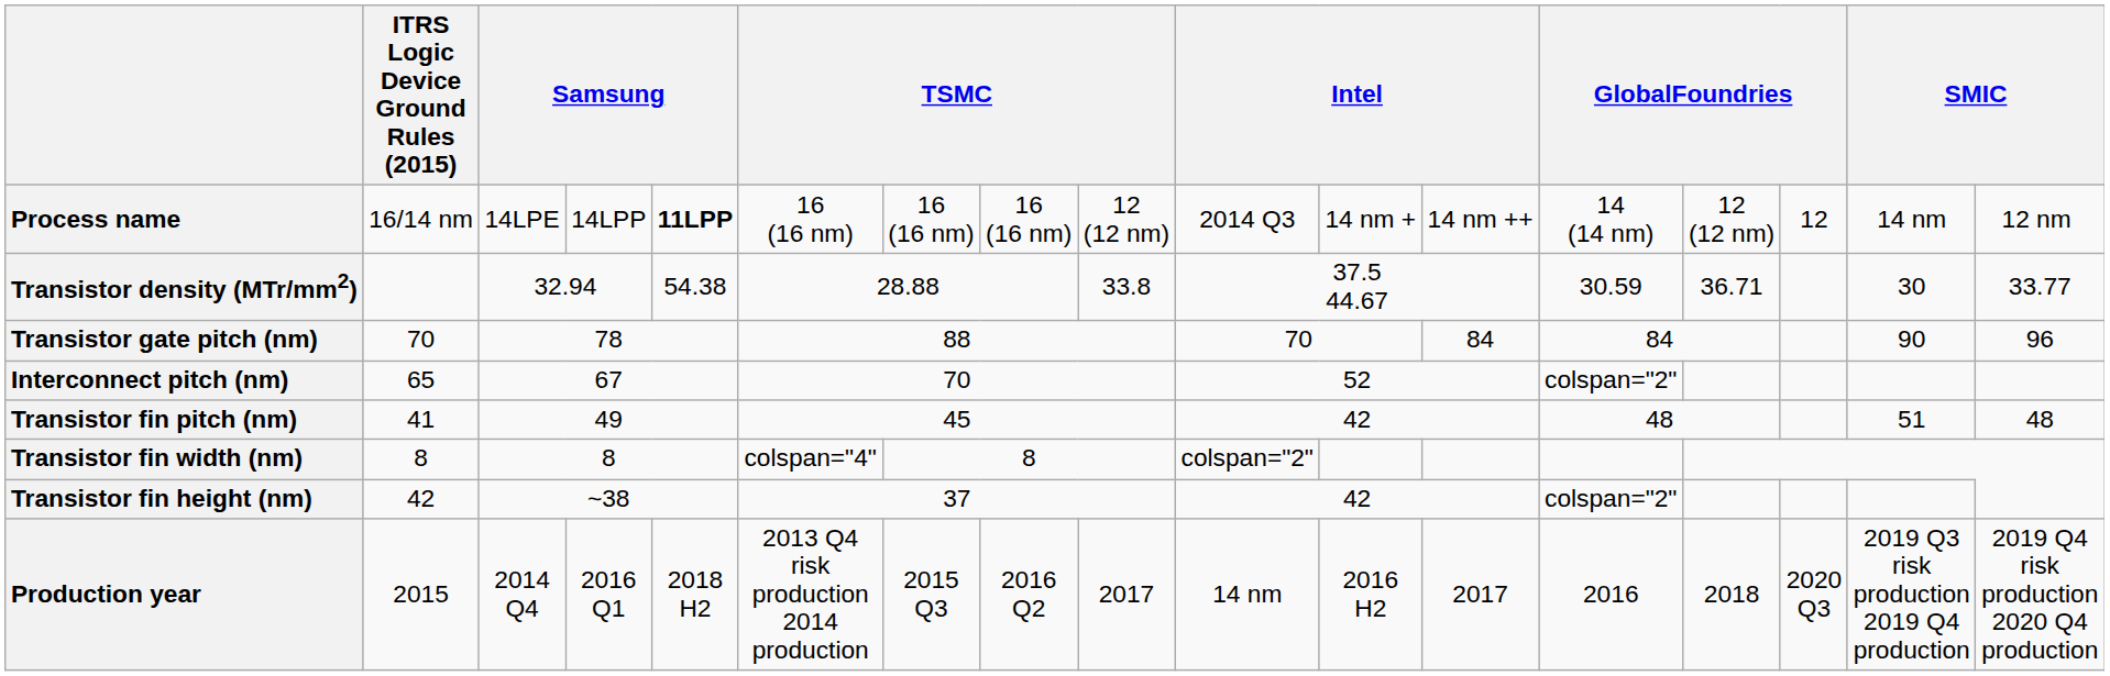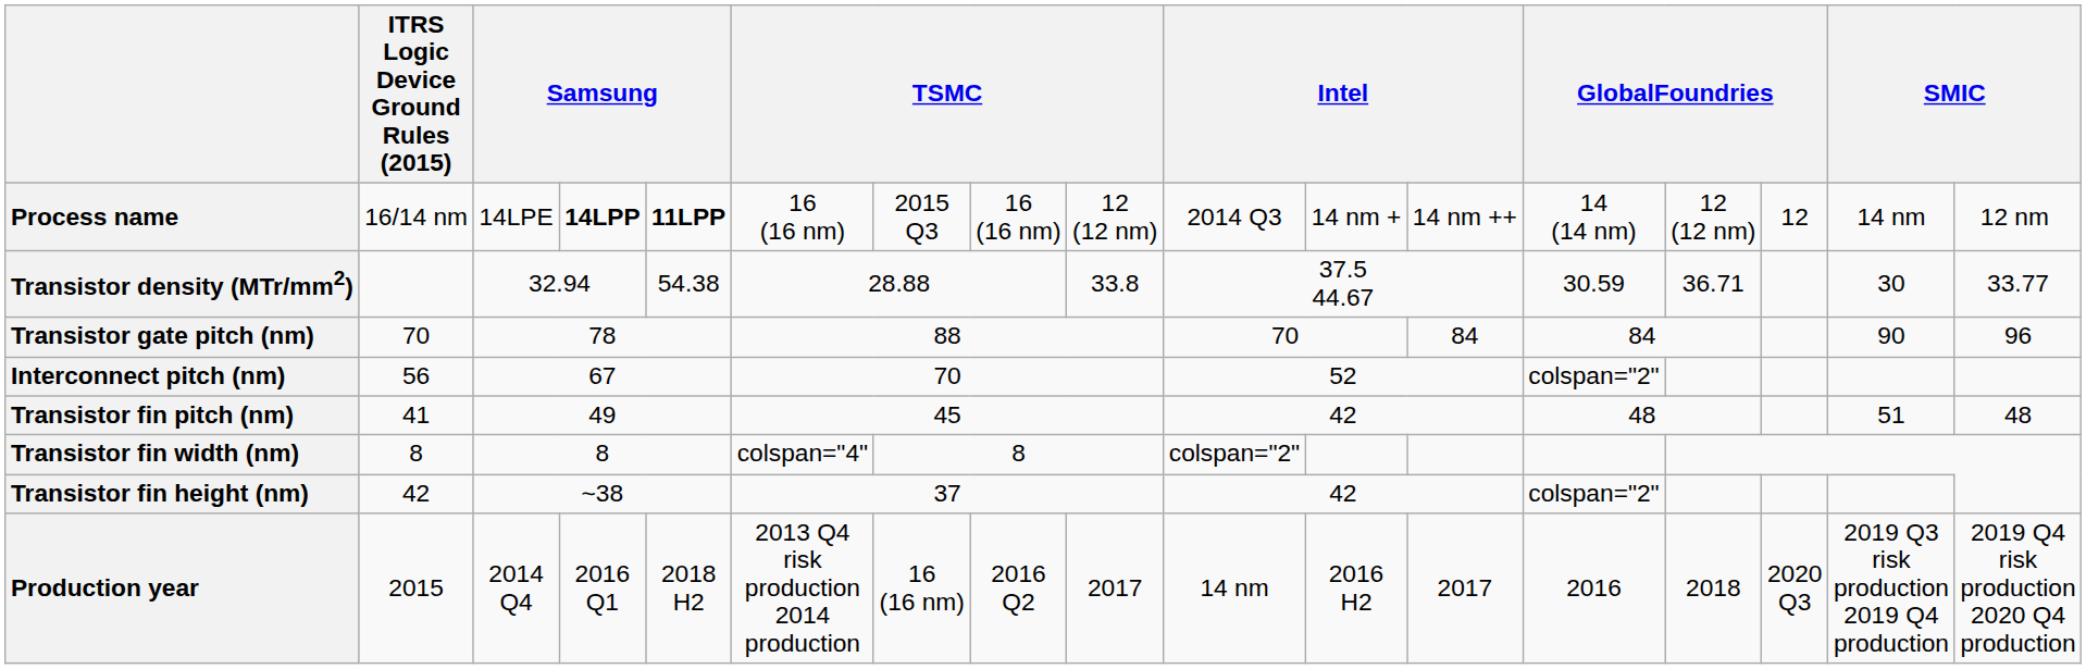 <table class="wikitable" style="text-align:center;">
 <tr>
 <th></th>
 <th>ITRS Logic Device<br>Ground Rules (2015)</th>
 <th colspan="3"><a href='#'>Samsung</a></th>
 <th colspan="4"><a href='#'>TSMC</a></th>
 <th colspan="3"><a href='#'>Intel</a></th>
 <th colspan="3"><a href='#'>GlobalFoundries</a></th>
 <th colspan="2"><a href='#'>SMIC</a></th>
 </tr>
 <tr>
 <th style="text-align:left;">Process name</th>
 <td>16/14 nm</td>
 <td>14LPE</td>
-<td>14LPP</td>
+<td><strong>14LPP</strong></td>
 <td><strong>11LPP</strong></td>
 <td>16<br>(16 nm)</td>
-<td>16<br>(16 nm)</td>
+<td>2015 Q3</td>
 <td>16<br>(16 nm)</td>
 <td>12<br>(12 nm)</td>
 <td>2014 Q3</td>
 <td>14 nm +</td>
 <td>14 nm ++</td>
 <td>14<br>(14 nm)</td>
 <td>12<br>(12 nm)</td>
 <td>12</td>
 <td>14 nm</td>
 <td>12 nm </td>
 </tr>
 <tr>
 <th style="text-align:left;">Transistor density (MTr/mm<sup>2</sup>)</th>
 <td></td>
 <td colspan="2">32.94</td>
 <td>54.38</td>
 <td colspan="3">28.88</td>
 <td>33.8</td>
 <td colspan="3">37.5<br>44.67</td>
 <td>30.59</td>
 <td>36.71</td>
 <td></td>
 <td>30</td>
 <td>33.77</td>
 </tr>
 <tr>
 <th style="text-align:left;">Transistor gate pitch (nm)</th>
 <td>70</td>
 <td colspan="3">78</td>
 <td colspan="4">88</td>
 <td colspan="2">70</td>
 <td>84</td>
 <td colspan="2">84</td>
 <td></td>
 <td>90</td>
 <td>96</td>
 </tr>
 <tr>
 <th style="text-align:left;">Interconnect pitch (nm)</th>
-<td>65</td>
+<td>56</td>
 <td colspan="3">67</td>
 <td colspan="4">70</td>
 <td colspan="3">52</td>
 <td>colspan="2" </td>
 <td></td>
 <td></td>
 <td></td>
 </tr>
 <tr>
 <th style="text-align:left;">Transistor fin pitch (nm)</th>
 <td>41</td>
 <td colspan="3">49</td>
 <td colspan="4">45</td>
 <td colspan="3">42</td>
 <td colspan="2">48</td>
 <td></td>
 <td>51</td>
 <td>48</td>
 </tr>
 <tr>
 <th style="text-align:left;">Transistor fin width (nm)</th>
 <td>8</td>
 <td colspan="3">8</td>
 <td>colspan="4" </td>
 <td colspan="3">8</td>
 <td>colspan="2" </td>
 <td></td>
 <td></td>
 <td></td>
 </tr>
 <tr>
 <th style="text-align:left;">Transistor fin height (nm)</th>
 <td>42</td>
 <td colspan="3">~38</td>
 <td colspan="4">37</td>
 <td colspan="3">42</td>
 <td>colspan="2" </td>
 <td></td>
 <td></td>
 <td></td>
 </tr>
 <tr>
 <th style="text-align:left;">Production year</th>
 <td>2015</td>
 <td>2014 Q4</td>
 <td>2016 Q1</td>
 <td>2018 H2</td>
 <td>2013 Q4 risk production<br>2014 production</td>
-<td>2015 Q3</td>
+<td>16<br>(16 nm)</td>
 <td>2016 Q2</td>
 <td>2017</td>
 <td>14 nm</td>
 <td>2016 H2</td>
 <td>2017</td>
 <td>2016</td>
 <td>2018</td>
 <td>2020 Q3</td>
 <td>2019 Q3 risk production<br>2019 Q4 production</td>
 <td>2019 Q4 risk production<br>2020 Q4 production</td>
 </tr>
 </table>
